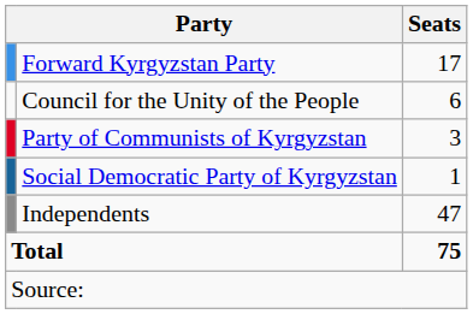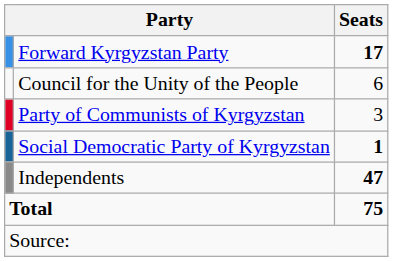 <table class=wikitable style=text-align:right>
 <tr>
 <th colspan=2>Party</th>
 <th>Seats</th>
 </tr>
 <tr>
 <td bgcolor=#3791e7></td>
 <td align=left><a href='#'>Forward Kyrgyzstan Party</a></td>
-<td>17</td>
+<td><strong>17</strong></td>
 </tr>
 <tr>
 <td></td>
 <td align=left>Council for the Unity of the People</td>
 <td>6</td>
 </tr>
 <tr>
 <td bgcolor=#DF0024></td>
 <td align=left><a href='#'>Party of Communists of Kyrgyzstan</a></td>
 <td>3</td>
 </tr>
 <tr>
 <td bgcolor=#186498></td>
 <td align=left><a href='#'>Social Democratic Party of Kyrgyzstan</a></td>
-<td>1</td>
+<td><strong>1</strong></td>
 </tr>
 <tr>
 <td bgcolor=#8A8A8A></td>
 <td align=left>Independents</td>
-<td>47</td>
+<td><strong>47</strong></td>
 </tr>
 <tr>
 <td align=left colspan=2><strong>Total</strong></td>
 <td><strong>75</strong></td>
 </tr>
 <tr>
 <td align=left colspan=6>Source: </td>
 </tr>
 </table>
